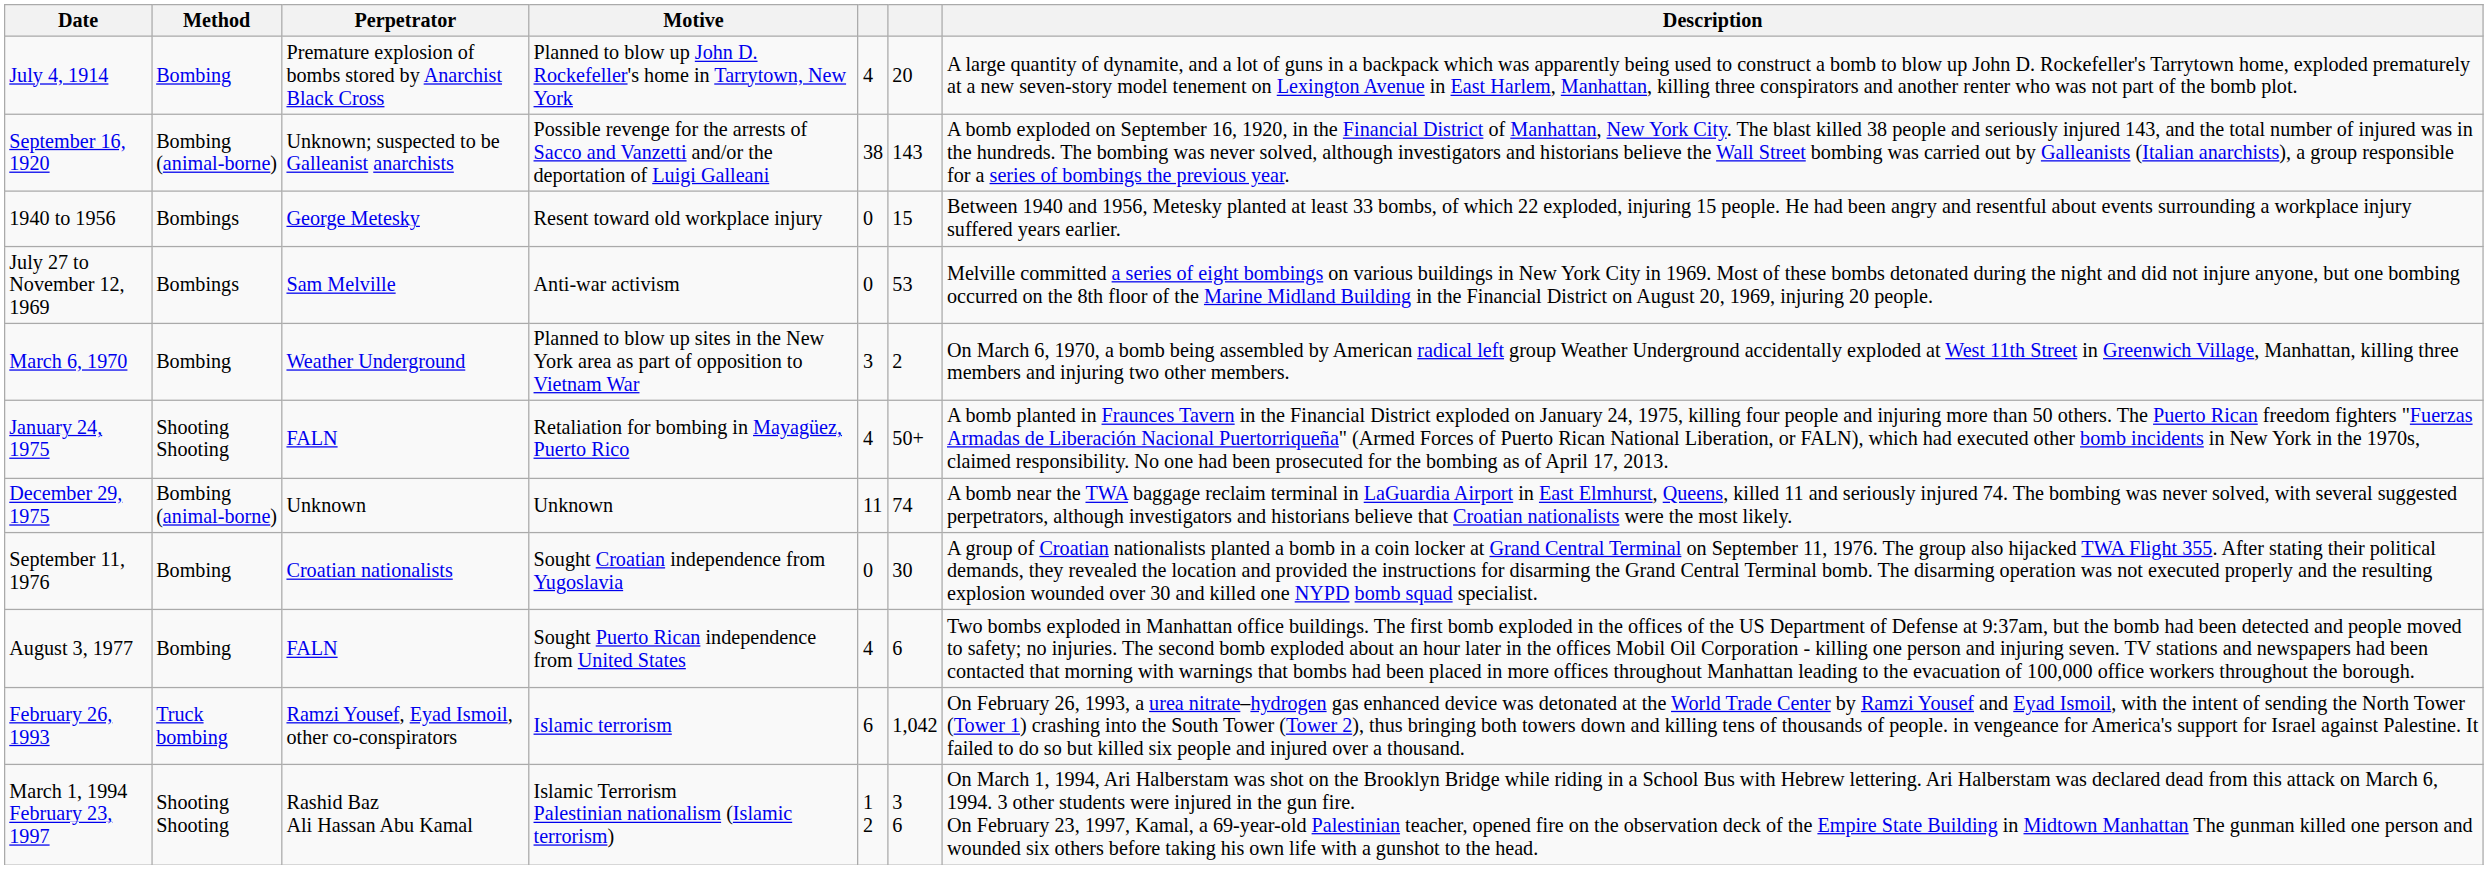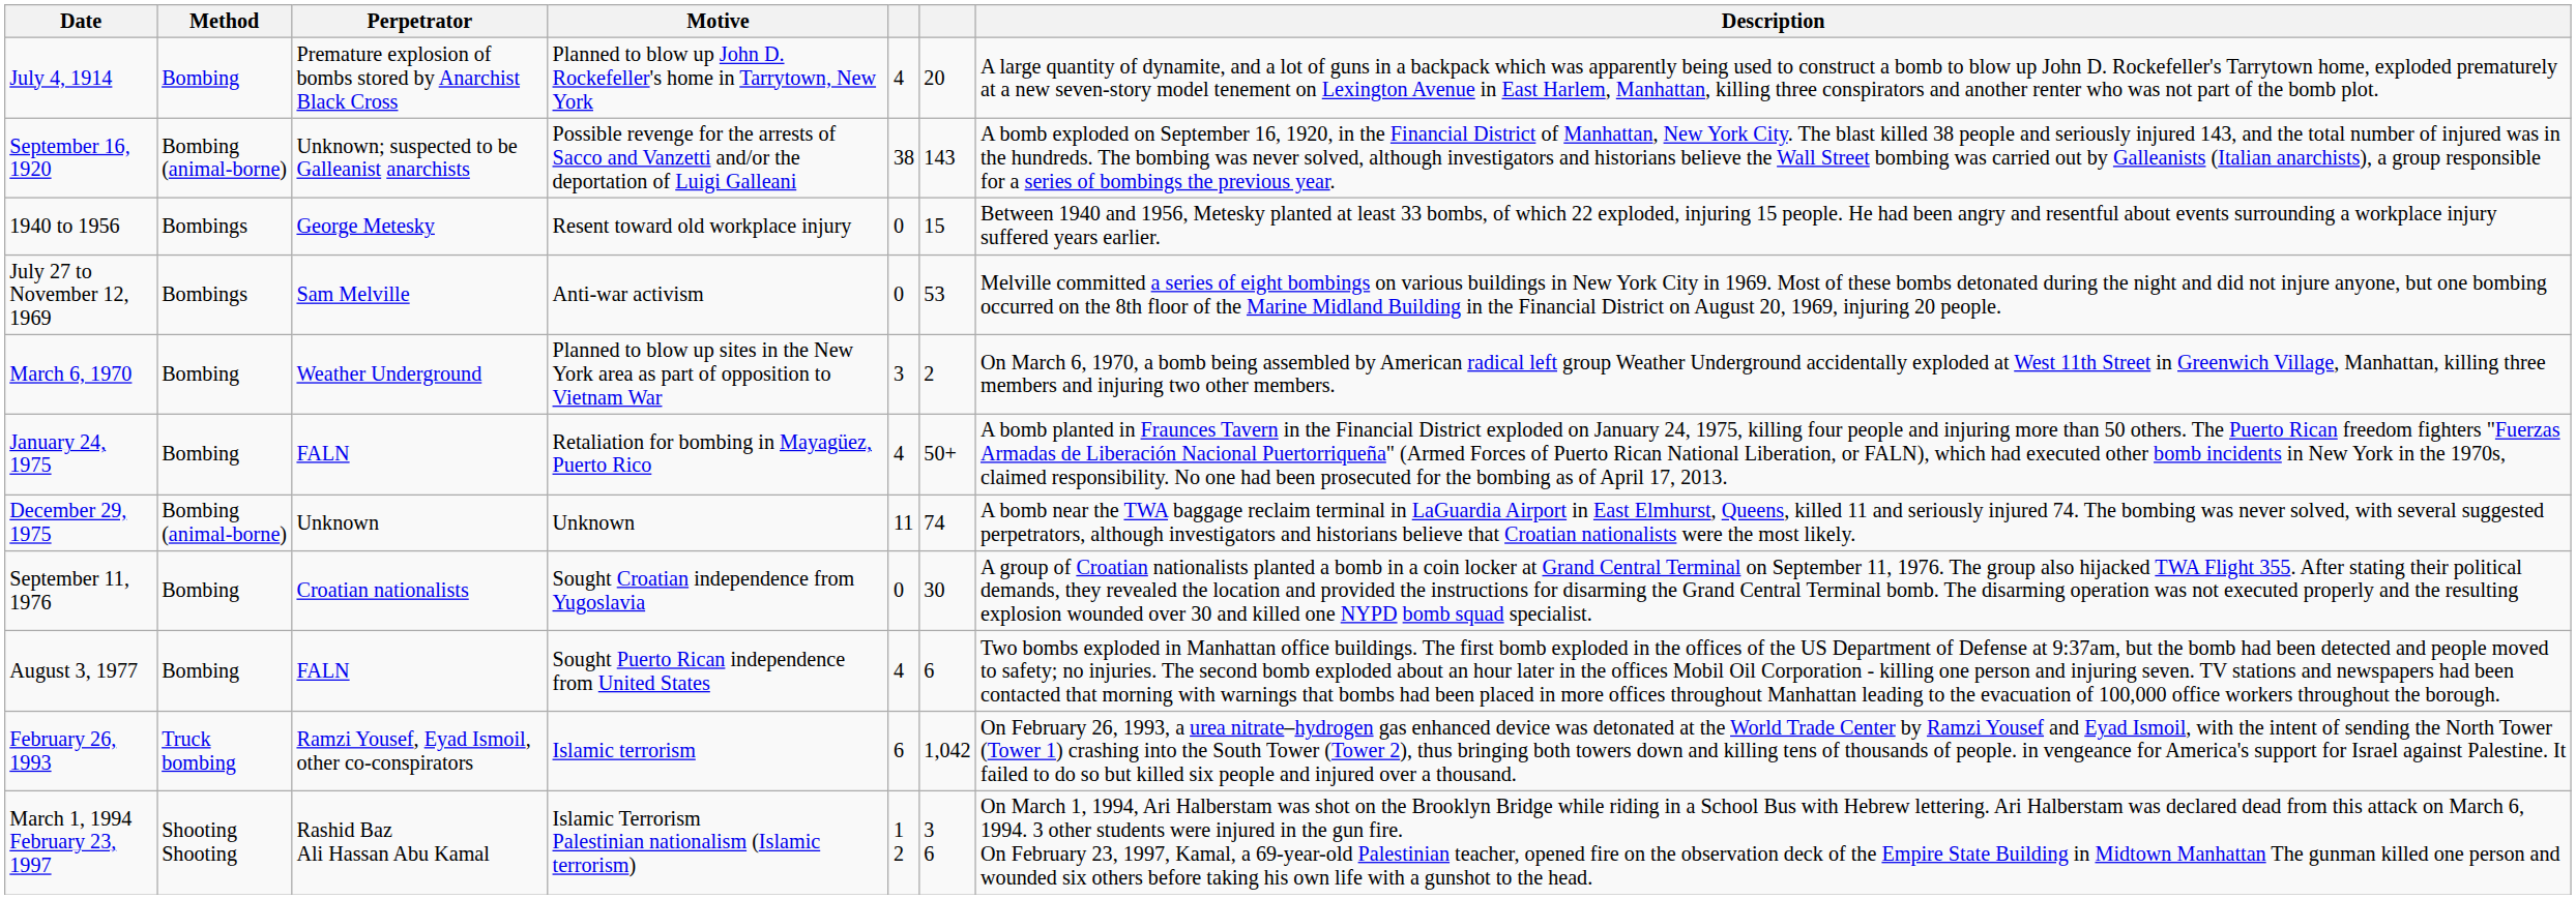 <table class="wikitable sortable">
 <tr>
 <th>Date</th>
 <th class="unsortable">Method</th>
 <th class="unsortable">Perpetrator</th>
 <th class="unsortable">Motive</th>
 <th></th>
 <th></th>
 <th class="unsortable">Description</th>
 </tr>
 <tr>
 <td><a href='#'>July 4, 1914</a></td>
 <td><a href='#'>Bombing</a></td>
 <td>Premature explosion of bombs stored by <a href='#'>Anarchist Black Cross</a></td>
 <td>Planned to blow up <a href='#'>John D. Rockefeller</a>'s home in <a href='#'>Tarrytown, New York</a></td>
 <td>4</td>
 <td>20</td>
 <td>A large quantity of dynamite, and a lot of guns in a backpack which was apparently being used to construct a bomb to blow up John D. Rockefeller's Tarrytown home, exploded prematurely at a new seven-story model tenement on <a href='#'>Lexington Avenue</a> in <a href='#'>East Harlem</a>, <a href='#'>Manhattan</a>, killing three conspirators and another renter who was not part of the bomb plot.</td>
 </tr>
 <tr>
 <td><a href='#'>September 16, 1920</a></td>
 <td>Bombing (<a href='#'>animal-borne</a>)</td>
 <td>Unknown; suspected to be <a href='#'>Galleanist</a> <a href='#'>anarchists</a></td>
 <td>Possible revenge for the arrests of <a href='#'>Sacco and Vanzetti</a> and/or the deportation of <a href='#'>Luigi Galleani</a></td>
 <td>38</td>
 <td>143</td>
 <td>A bomb exploded on September 16, 1920, in the <a href='#'>Financial District</a> of <a href='#'>Manhattan</a>, <a href='#'>New York City</a>. The blast killed 38 people and seriously injured 143, and the total number of injured was in the hundreds. The bombing was never solved, although investigators and historians believe the <a href='#'>Wall Street</a> bombing was carried out by <a href='#'>Galleanists</a> (<a href='#'>Italian anarchists</a>), a group responsible for a <a href='#'>series of bombings the previous year</a>.</td>
 </tr>
 <tr>
 <td>1940 to 1956</td>
 <td>Bombings</td>
 <td><a href='#'>George Metesky</a></td>
 <td>Resent toward old workplace injury</td>
 <td>0</td>
 <td>15</td>
 <td>Between 1940 and 1956, Metesky planted at least 33 bombs, of which 22 exploded, injuring 15 people. He had been angry and resentful about events surrounding a workplace injury suffered years earlier.</td>
 </tr>
 <tr>
 <td>July 27 to November 12, 1969</td>
 <td>Bombings</td>
 <td><a href='#'>Sam Melville</a></td>
 <td>Anti-war activism</td>
 <td>0</td>
 <td>53</td>
 <td>Melville committed <a href='#'>a series of eight bombings</a> on various buildings in New York City in 1969. Most of these bombs detonated during the night and did not injure anyone, but one bombing occurred on the 8th floor of the <a href='#'>Marine Midland Building</a> in the Financial District on August 20, 1969, injuring 20 people.</td>
 </tr>
 <tr>
 <td><a href='#'>March 6, 1970</a></td>
 <td>Bombing</td>
 <td><a href='#'>Weather Underground</a></td>
 <td>Planned to blow up sites in the New York area as part of opposition to <a href='#'>Vietnam War</a></td>
 <td>3</td>
 <td>2</td>
 <td>On March 6, 1970, a bomb being assembled by American <a href='#'>radical left</a> group Weather Underground accidentally exploded at <a href='#'>West 11th Street</a> in <a href='#'>Greenwich Village</a>, Manhattan, killing three members and injuring two other members.</td>
 </tr>
 <tr>
 <td><a href='#'>January 24, 1975</a></td>
-<td>Shooting<br>Shooting</td>
+<td>Bombing</td>
 <td><a href='#'>FALN</a></td>
 <td>Retaliation for bombing in <a href='#'>Mayagüez, Puerto Rico</a></td>
 <td>4</td>
 <td>50+</td>
 <td>A bomb planted in <a href='#'>Fraunces Tavern</a> in the Financial District exploded on January 24, 1975, killing four people and injuring more than 50 others. The <a href='#'>Puerto Rican</a> freedom fighters "<a href='#'>Fuerzas Armadas de Liberación Nacional Puertorriqueña</a>" (Armed Forces of Puerto Rican National Liberation, or FALN), which had executed other <a href='#'>bomb incidents</a> in New York in the 1970s, claimed responsibility. No one had been prosecuted for the bombing as of April 17, 2013.</td>
 </tr>
 <tr>
 <td><a href='#'>December 29, 1975</a></td>
 <td>Bombing (<a href='#'>animal-borne</a>)</td>
 <td>Unknown</td>
 <td>Unknown</td>
 <td>11</td>
 <td>74</td>
 <td>A bomb near the <a href='#'>TWA</a> baggage reclaim terminal in <a href='#'>LaGuardia Airport</a> in <a href='#'>East Elmhurst</a>, <a href='#'>Queens</a>, killed 11 and seriously injured 74. The bombing was never solved, with several suggested perpetrators, although investigators and historians believe that <a href='#'>Croatian nationalists</a> were the most likely.</td>
 </tr>
 <tr>
 <td>September 11, 1976</td>
 <td>Bombing</td>
 <td><a href='#'>Croatian nationalists</a></td>
 <td>Sought <a href='#'>Croatian</a> independence from <a href='#'>Yugoslavia</a></td>
 <td>0</td>
 <td>30</td>
 <td>A group of <a href='#'>Croatian</a> nationalists planted a bomb in a coin locker at <a href='#'>Grand Central Terminal</a> on September 11, 1976. The group also hijacked <a href='#'>TWA Flight 355</a>. After stating their political demands, they revealed the location and provided the instructions for disarming the Grand Central Terminal bomb. The disarming operation was not executed properly and the resulting explosion wounded over 30 and killed one <a href='#'>NYPD</a> <a href='#'>bomb squad</a> specialist.</td>
 </tr>
 <tr>
 <td>August 3, 1977</td>
 <td>Bombing</td>
 <td><a href='#'>FALN</a></td>
 <td>Sought <a href='#'>Puerto Rican</a> independence from <a href='#'>United States</a></td>
 <td>4</td>
 <td>6</td>
 <td>Two bombs exploded in Manhattan office buildings.  The first bomb exploded in the offices of the US Department of Defense at 9:37am, but the bomb had been detected and people moved to safety; no injuries.  The second bomb exploded about an hour later in the offices Mobil Oil Corporation - killing one person and injuring seven.  TV stations and newspapers had been contacted that morning with warnings that bombs had been placed in more offices throughout Manhattan leading to the evacuation of 100,000 office workers throughout the borough.</td>
 </tr>
 <tr>
 <td><a href='#'>February 26, 1993</a></td>
 <td><a href='#'>Truck bombing</a></td>
 <td><a href='#'>Ramzi Yousef</a>, <a href='#'>Eyad Ismoil</a>, other co-conspirators</td>
 <td><a href='#'>Islamic terrorism</a></td>
 <td>6</td>
 <td>1,042</td>
 <td>On February 26, 1993, a  <a href='#'>urea nitrate</a>–<a href='#'>hydrogen</a> gas enhanced device was detonated at the <a href='#'>World Trade Center</a> by <a href='#'>Ramzi Yousef</a> and <a href='#'>Eyad Ismoil</a>, with the intent of sending the North Tower (<a href='#'>Tower 1</a>) crashing into the South Tower (<a href='#'>Tower 2</a>), thus bringing both towers down and killing tens of thousands of people. in vengeance for America's support for Israel against Palestine. It failed to do so but killed six people and injured over a thousand.</td>
 </tr>
 <tr>
 <td>March 1, 1994<br><a href='#'>February 23, 1997</a></td>
 <td>Shooting<br>Shooting</td>
 <td>Rashid Baz<br>Ali Hassan Abu Kamal</td>
 <td>Islamic Terrorism<br><a href='#'>Palestinian nationalism</a> (<a href='#'>Islamic terrorism</a>)</td>
 <td>1<br>2</td>
 <td>3<br>6</td>
 <td>On March 1, 1994, Ari Halberstam was shot on the Brooklyn Bridge while riding in a School Bus with Hebrew lettering. Ari Halberstam was declared dead from this attack on March 6, 1994. 3 other students were injured in the gun fire. <br>On February 23, 1997, Kamal, a 69-year-old <a href='#'>Palestinian</a> teacher, opened fire on the observation deck of the <a href='#'>Empire State Building</a> in <a href='#'>Midtown Manhattan</a> The gunman killed one person and wounded six others before taking his own life with a gunshot to the head.</td>
 </tr>
 </table>
